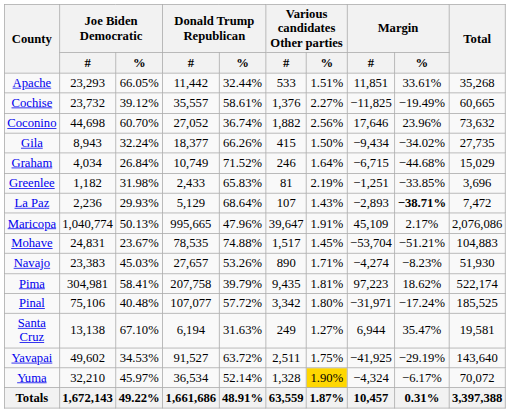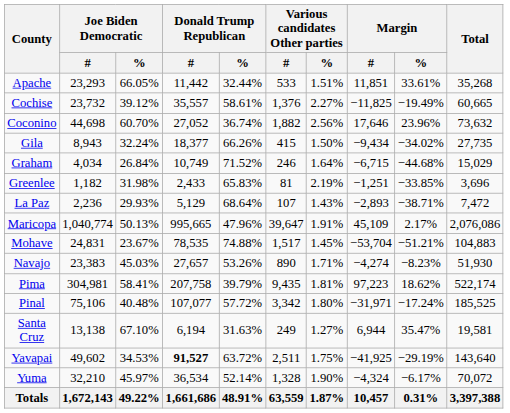 <table width="60%" class="wikitable sortable">
 <tr>
 <th rowspan="2">County</th>
 <th colspan="2">Joe Biden<br>Democratic</th>
 <th colspan="2">Donald Trump<br>Republican</th>
 <th colspan="2">Various candidates<br>Other parties</th>
 <th colspan="2">Margin</th>
 <th rowspan="2">Total</th>
 </tr>
 <tr>
 <th style="text-align:center;" data-sort-type="number">#</th>
 <th style="text-align:center;" data-sort-type="number">%</th>
 <th style="text-align:center;" data-sort-type="number">#</th>
 <th style="text-align:center;" data-sort-type="number">%</th>
 <th style="text-align:center;" data-sort-type="number">#</th>
 <th style="text-align:center;" data-sort-type="number">%</th>
 <th style="text-align:center;" data-sort-type="number">#</th>
 <th style="text-align:center;" data-sort-type="number">%</th>
 </tr>
 <tr style="text-align:center;">
 <td><a href='#'>Apache</a></td>
 <td>23,293</td>
 <td>66.05%</td>
 <td>11,442</td>
 <td>32.44%</td>
 <td>533</td>
 <td>1.51%</td>
 <td>11,851</td>
 <td>33.61%</td>
 <td>35,268</td>
 </tr>
 <tr style="text-align:center;">
 <td><a href='#'>Cochise</a></td>
 <td>23,732</td>
 <td>39.12%</td>
 <td>35,557</td>
 <td>58.61%</td>
 <td>1,376</td>
 <td>2.27%</td>
 <td>−11,825</td>
 <td>−19.49%</td>
 <td>60,665</td>
 </tr>
 <tr style="text-align:center;">
 <td><a href='#'>Coconino</a></td>
 <td>44,698</td>
 <td>60.70%</td>
 <td>27,052</td>
 <td>36.74%</td>
 <td>1,882</td>
 <td>2.56%</td>
 <td>17,646</td>
 <td>23.96%</td>
 <td>73,632</td>
 </tr>
 <tr style="text-align:center;">
 <td><a href='#'>Gila</a></td>
 <td>8,943</td>
 <td>32.24%</td>
 <td>18,377</td>
 <td>66.26%</td>
 <td>415</td>
 <td>1.50%</td>
 <td>−9,434</td>
 <td>−34.02%</td>
 <td>27,735</td>
 </tr>
 <tr style="text-align:center;">
 <td><a href='#'>Graham</a></td>
 <td>4,034</td>
 <td>26.84%</td>
 <td>10,749</td>
 <td>71.52%</td>
 <td>246</td>
 <td>1.64%</td>
 <td>−6,715</td>
 <td>−44.68%</td>
 <td>15,029</td>
 </tr>
 <tr style="text-align:center;">
 <td><a href='#'>Greenlee</a></td>
 <td>1,182</td>
 <td>31.98%</td>
 <td>2,433</td>
 <td>65.83%</td>
 <td>81</td>
 <td>2.19%</td>
 <td>−1,251</td>
 <td>−33.85%</td>
 <td>3,696</td>
 </tr>
 <tr style="text-align:center;">
 <td><a href='#'>La Paz</a></td>
 <td>2,236</td>
 <td>29.93%</td>
 <td>5,129</td>
 <td>68.64%</td>
 <td>107</td>
 <td>1.43%</td>
 <td>−2,893</td>
-<td><strong>−38.71%</strong></td>
+<td>−38.71%</td>
 <td>7,472</td>
 </tr>
 <tr style="text-align:center;">
 <td><a href='#'>Maricopa</a></td>
 <td>1,040,774</td>
 <td>50.13%</td>
 <td>995,665</td>
 <td>47.96%</td>
 <td>39,647</td>
 <td>1.91%</td>
 <td>45,109</td>
 <td>2.17%</td>
 <td>2,076,086</td>
 </tr>
 <tr style="text-align:center;">
 <td><a href='#'>Mohave</a></td>
 <td>24,831</td>
 <td>23.67%</td>
 <td>78,535</td>
 <td>74.88%</td>
 <td>1,517</td>
 <td>1.45%</td>
 <td>−53,704</td>
 <td>−51.21%</td>
 <td>104,883</td>
 </tr>
 <tr style="text-align:center;">
 <td><a href='#'>Navajo</a></td>
 <td>23,383</td>
 <td>45.03%</td>
 <td>27,657</td>
 <td>53.26%</td>
 <td>890</td>
 <td>1.71%</td>
 <td>−4,274</td>
 <td>−8.23%</td>
 <td>51,930</td>
 </tr>
 <tr style="text-align:center;">
 <td><a href='#'>Pima</a></td>
 <td>304,981</td>
 <td>58.41%</td>
 <td>207,758</td>
 <td>39.79%</td>
 <td>9,435</td>
 <td>1.81%</td>
 <td>97,223</td>
 <td>18.62%</td>
 <td>522,174</td>
 </tr>
 <tr style="text-align:center;">
 <td><a href='#'>Pinal</a></td>
 <td>75,106</td>
 <td>40.48%</td>
 <td>107,077</td>
 <td>57.72%</td>
 <td>3,342</td>
 <td>1.80%</td>
 <td>−31,971</td>
 <td>−17.24%</td>
 <td>185,525</td>
 </tr>
 <tr style="text-align:center;">
 <td><a href='#'>Santa Cruz</a></td>
 <td>13,138</td>
 <td>67.10%</td>
 <td>6,194</td>
 <td>31.63%</td>
 <td>249</td>
 <td>1.27%</td>
 <td>6,944</td>
 <td>35.47%</td>
 <td>19,581</td>
 </tr>
 <tr style="text-align:center;">
 <td><a href='#'>Yavapai</a></td>
 <td>49,602</td>
 <td>34.53%</td>
-<td>91,527</td>
+<td><strong>91,527</strong></td>
 <td>63.72%</td>
 <td>2,511</td>
 <td>1.75%</td>
 <td>−41,925</td>
 <td>−29.19%</td>
 <td>143,640</td>
 </tr>
 <tr style="text-align:center;">
 <td><a href='#'>Yuma</a></td>
 <td>32,210</td>
 <td>45.97%</td>
 <td>36,534</td>
 <td>52.14%</td>
 <td>1,328</td>
-<td style="background: gold;">1.90%</td>
+<td>1.90%</td>
 <td>−4,324</td>
 <td>−6.17%</td>
 <td>70,072</td>
 </tr>
 <tr>
 <th>Totals</th>
 <th>1,672,143</th>
 <th>49.22%</th>
 <th>1,661,686</th>
 <th>48.91%</th>
 <th>63,559</th>
 <th>1.87%</th>
 <th>10,457</th>
 <th>0.31%</th>
 <th>3,397,388</th>
 </tr>
 </table>
